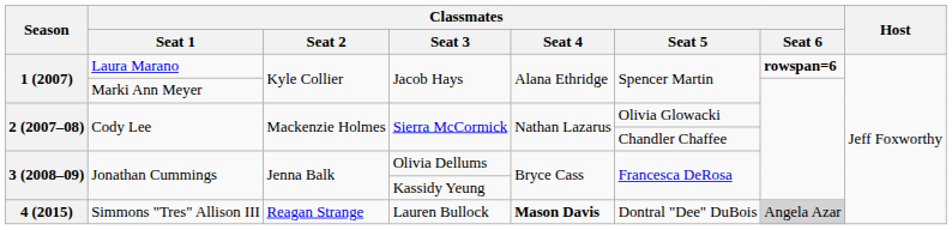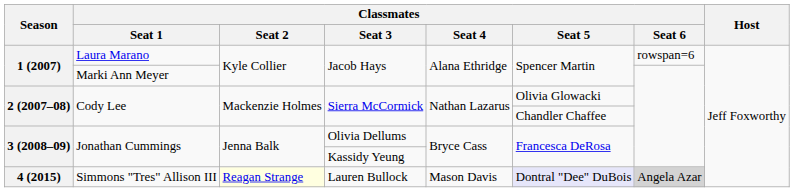 <table class="wikitable" style="white-space=nowrap;">
 <tr>
 <th rowspan=2>Season</th>
 <th colspan="6">Classmates</th>
 <th rowspan="2">Host</th>
 </tr>
 <tr>
 <th>Seat 1</th>
 <th>Seat 2</th>
 <th>Seat 3</th>
 <th>Seat 4</th>
 <th>Seat 5</th>
 <th>Seat 6</th>
 </tr>
 <tr>
 <th rowspan="2">1 (2007)</th>
 <td><a href='#'>Laura Marano</a></td>
 <td rowspan="2">Kyle Collier</td>
 <td rowspan="2">Jacob Hays</td>
 <td rowspan="2">Alana Ethridge</td>
 <td rowspan="2">Spencer Martin</td>
-<td><strong>rowspan=6</strong></td>
+<td>rowspan=6</td>
 <td rowspan="8">Jeff Foxworthy</td>
 </tr>
 <tr>
 <td>Marki Ann Meyer</td>
 </tr>
 <tr>
 <th rowspan="2">2 (2007–08)</th>
 <td rowspan="2">Cody Lee</td>
 <td rowspan="2">Mackenzie Holmes</td>
 <td rowspan="2"><a href='#'>Sierra McCormick</a></td>
 <td rowspan="2">Nathan Lazarus</td>
 <td>Olivia Glowacki</td>
 </tr>
 <tr>
 <td>Chandler Chaffee</td>
 </tr>
 <tr>
 <th rowspan="2">3 (2008–09)</th>
 <td rowspan="2">Jonathan Cummings</td>
 <td rowspan="2">Jenna Balk</td>
 <td>Olivia Dellums</td>
 <td rowspan="2">Bryce Cass</td>
 <td rowspan="2"><a href='#'>Francesca DeRosa</a></td>
 </tr>
 <tr>
 <td>Kassidy Yeung</td>
 </tr>
 <tr>
 <th>4 (2015)</th>
 <td>Simmons "Tres" Allison III</td>
-<td><a href='#'>Reagan Strange</a></td>
+<td style="background: lightyellow;"><a href='#'>Reagan Strange</a></td>
 <td>Lauren Bullock</td>
-<td><strong>Mason Davis</strong></td>
-<td>Dontral "Dee" DuBois</td>
+<td>Mason Davis</td>
+<td style="background: lavender;">Dontral "Dee" DuBois</td>
 <td style="background: lightgrey;">Angela Azar</td>
 </tr>
 </table>
